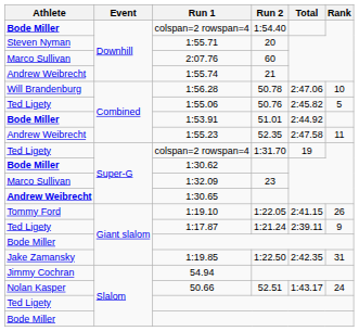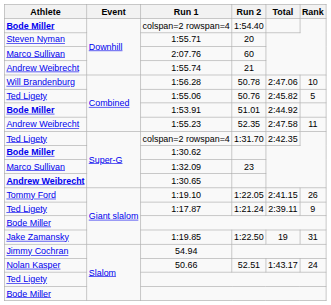 <table class=wikitable style=font-size:90%;text-align:center>
 <tr>
 <th>Athlete</th>
 <th>Event</th>
 <th>Run 1</th>
 <th>Run 2</th>
 <th>Total</th>
 <th>Rank</th>
 </tr>
 <tr>
 <td align=left><strong><a href='#'>Bode Miller</a></strong></td>
 <td align=left rowspan=4><a href='#'>Downhill</a></td>
 <td>colspan=2 rowspan=4 </td>
 <td>1:54.40</td>
 <td></td>
 </tr>
 <tr>
 <td align=left><a href='#'>Steven Nyman</a></td>
 <td>1:55.71</td>
 <td>20</td>
 </tr>
 <tr>
 <td align=left><a href='#'>Marco Sullivan</a></td>
 <td>2:07.76</td>
 <td>60</td>
 </tr>
 <tr>
 <td align=left><a href='#'>Andrew Weibrecht</a></td>
 <td>1:55.74</td>
 <td>21</td>
 </tr>
 <tr>
 <td align=left><a href='#'>Will Brandenburg</a></td>
 <td align=left rowspan=4><a href='#'>Combined</a></td>
 <td>1:56.28</td>
 <td>50.78</td>
 <td>2:47.06</td>
 <td>10</td>
 </tr>
 <tr>
 <td align=left><a href='#'>Ted Ligety</a></td>
 <td>1:55.06</td>
 <td>50.76</td>
 <td>2:45.82</td>
 <td>5</td>
 </tr>
 <tr>
 <td align=left><strong><a href='#'>Bode Miller</a></strong></td>
 <td>1:53.91</td>
 <td>51.01</td>
 <td>2:44.92</td>
 <td></td>
 </tr>
 <tr>
 <td align=left><a href='#'>Andrew Weibrecht</a></td>
 <td>1:55.23</td>
 <td>52.35</td>
 <td>2:47.58</td>
 <td>11</td>
 </tr>
 <tr>
 <td align=left><a href='#'>Ted Ligety</a></td>
 <td align=left rowspan=4><a href='#'>Super-G</a></td>
 <td>colspan=2 rowspan=4 </td>
 <td>1:31.70</td>
-<td>19</td>
+<td>2:42.35</td>
 </tr>
 <tr>
 <td align=left><strong><a href='#'>Bode Miller</a></strong></td>
 <td>1:30.62</td>
 <td></td>
 </tr>
 <tr>
 <td align=left><a href='#'>Marco Sullivan</a></td>
 <td>1:32.09</td>
 <td>23</td>
 </tr>
 <tr>
 <td align=left><strong><a href='#'>Andrew Weibrecht</a></strong></td>
 <td>1:30.65</td>
 <td></td>
 </tr>
 <tr>
 <td align=left><a href='#'>Tommy Ford</a></td>
 <td align=left rowspan=4><a href='#'>Giant slalom</a></td>
 <td>1:19.10</td>
 <td>1:22.05</td>
 <td>2:41.15</td>
 <td>26</td>
 </tr>
 <tr>
 <td align=left><a href='#'>Ted Ligety</a></td>
 <td>1:17.87</td>
 <td>1:21.24</td>
 <td>2:39.11</td>
 <td>9</td>
 </tr>
 <tr>
 <td align=left><a href='#'>Bode Miller</a></td>
 <td colspan=4></td>
 </tr>
 <tr>
 <td align=left><a href='#'>Jake Zamansky</a></td>
 <td>1:19.85</td>
 <td>1:22.50</td>
-<td>2:42.35</td>
+<td>19</td>
 <td>31</td>
 </tr>
 <tr>
 <td align=left><a href='#'>Jimmy Cochran</a></td>
 <td align=left rowspan=4><a href='#'>Slalom</a></td>
 <td>54.94</td>
 <td colspan=3></td>
 </tr>
 <tr>
 <td align=left><a href='#'>Nolan Kasper</a></td>
 <td>50.66</td>
 <td>52.51</td>
 <td>1:43.17</td>
 <td>24</td>
 </tr>
 <tr>
 <td align=left><a href='#'>Ted Ligety</a></td>
 <td colspan=4></td>
 </tr>
 <tr>
 <td align=left><a href='#'>Bode Miller</a></td>
 <td colspan=4></td>
 </tr>
 </table>
